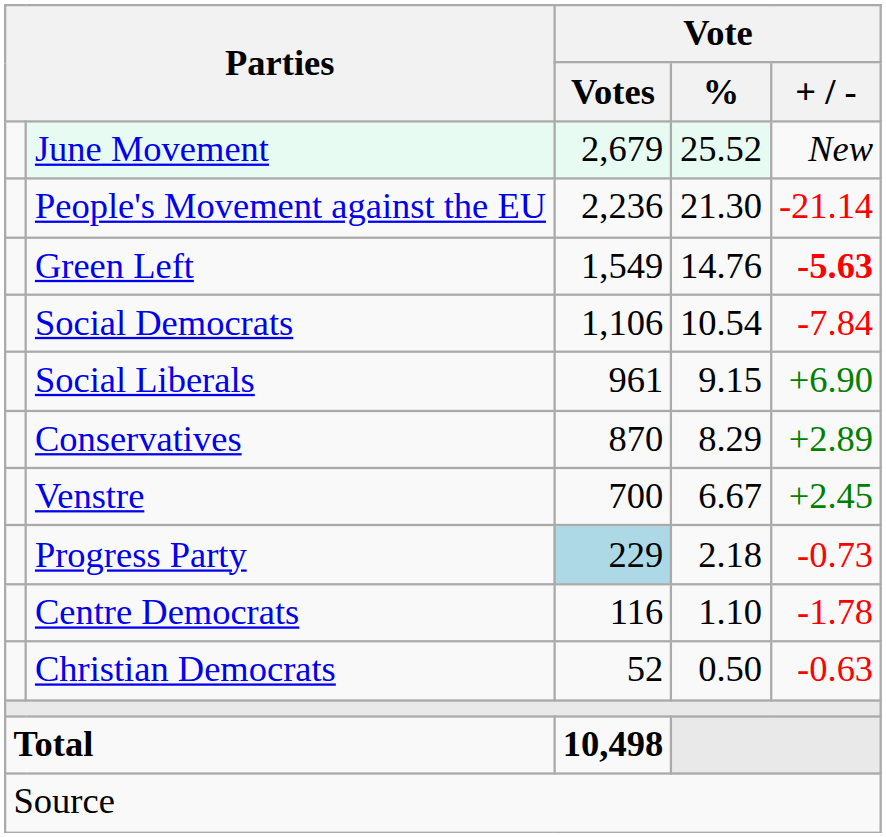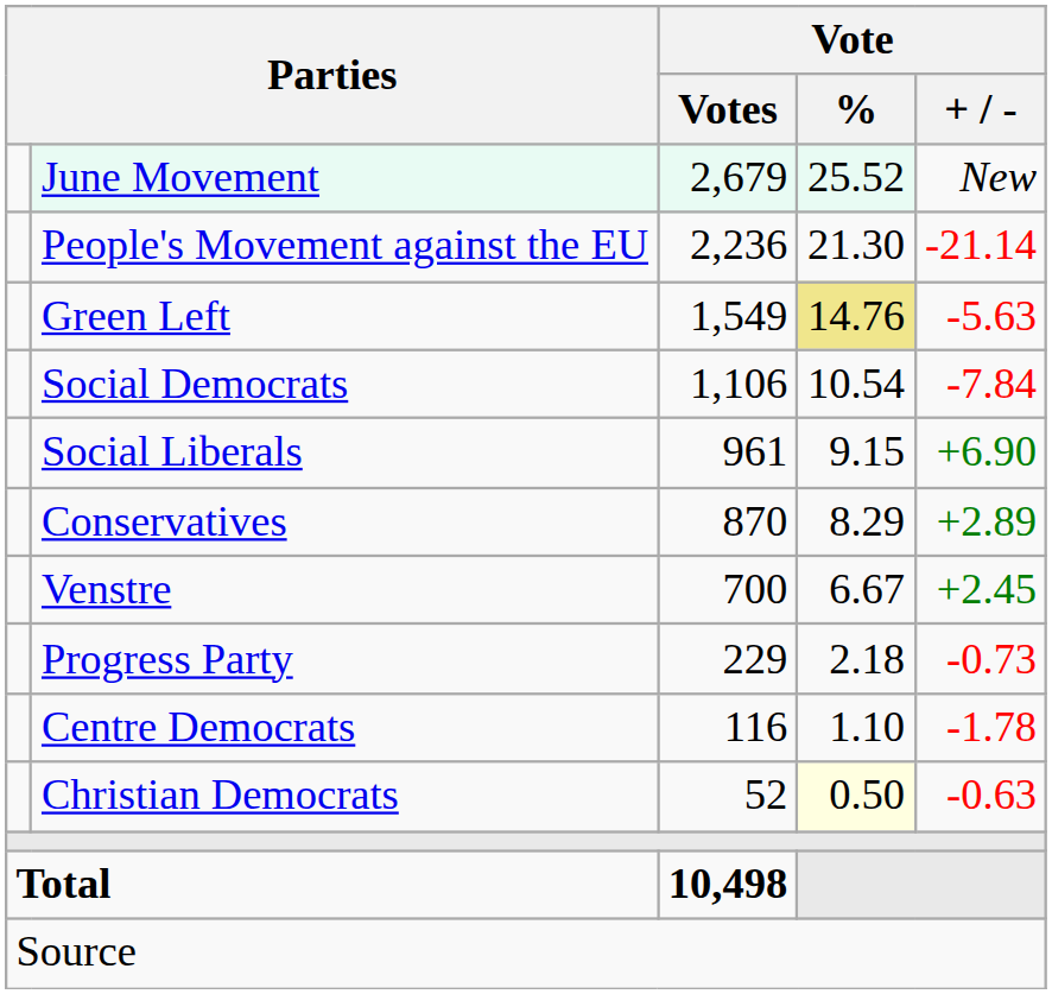 <table class="wikitable" style="text-align:right;">
 <tr>
 <th style="text-align:centre;" rowspan="2" colspan="2" width="225">Parties</th>
 <th colspan="3">Vote</th>
 </tr>
 <tr>
 <th width="15">Votes</th>
 <th width="15">%</th>
 <th width="15">+ / -</th>
 </tr>
 <tr>
 <td width="2" style="color:inherit;background:"></td>
 <td bgcolor=#e8fbf3   align="left"><a href='#'>June Movement</a></td>
 <td bgcolor=#e8fbf3>2,679</td>
 <td bgcolor=#e8fbf3>25.52</td>
 <td><em>New</em></td>
 </tr>
 <tr>
 <td width="2" style="color:inherit;background:"></td>
 <td align="left"><a href='#'>People's Movement against the EU</a></td>
 <td>2,236</td>
 <td>21.30</td>
 <td style=color:red;>-21.14</td>
 </tr>
 <tr>
 <td width="2" style="color:inherit;background:"></td>
 <td align="left"><a href='#'>Green Left</a></td>
 <td>1,549</td>
-<td>14.76</td>
-<td style=color:red;><strong>-5.63</strong></td>
+<td style="background: khaki;">14.76</td>
+<td style=color:red;>-5.63</td>
 </tr>
 <tr>
 <td width="2" style="color:inherit;background:"></td>
 <td align="left"><a href='#'>Social Democrats</a></td>
 <td>1,106</td>
 <td>10.54</td>
 <td style=color:red;>-7.84</td>
 </tr>
 <tr>
 <td width="2" style="color:inherit;background:"></td>
 <td align="left"><a href='#'>Social Liberals</a></td>
 <td>961</td>
 <td>9.15</td>
 <td style=color:green;>+6.90</td>
 </tr>
 <tr>
 <td width="2" style="color:inherit;background:"></td>
 <td align="left"><a href='#'>Conservatives</a></td>
 <td>870</td>
 <td>8.29</td>
 <td style=color:green;>+2.89</td>
 </tr>
 <tr>
 <td width="2" style="color:inherit;background:"></td>
 <td align="left"><a href='#'>Venstre</a></td>
 <td>700</td>
 <td>6.67</td>
 <td style=color:green;>+2.45</td>
 </tr>
 <tr>
 <td width="2" style="color:inherit;background:"></td>
 <td align="left"><a href='#'>Progress Party</a></td>
-<td style="background: lightblue;">229</td>
+<td>229</td>
 <td>2.18</td>
 <td style=color:red;>-0.73</td>
 </tr>
 <tr>
 <td width="2" style="color:inherit;background:"></td>
 <td align="left"><a href='#'>Centre Democrats</a></td>
 <td>116</td>
 <td>1.10</td>
 <td style=color:red;>-1.78</td>
 </tr>
 <tr>
 <td width="2" style="color:inherit;background:"></td>
 <td align="left"><a href='#'>Christian Democrats</a></td>
 <td>52</td>
-<td>0.50</td>
+<td style="background: lightyellow;">0.50</td>
 <td style=color:red;>-0.63</td>
 </tr>
 <tr>
 <td colspan="7" bgcolor="#E9E9E9"></td>
 </tr>
 <tr>
 <td align="left" colspan="2"><strong>Total</strong></td>
 <td><strong>10,498</strong></td>
 <td bgcolor="#E9E9E9" colspan="2"></td>
 </tr>
 <tr>
 <td align="left" colspan="6">Source</td>
 </tr>
 </table>
